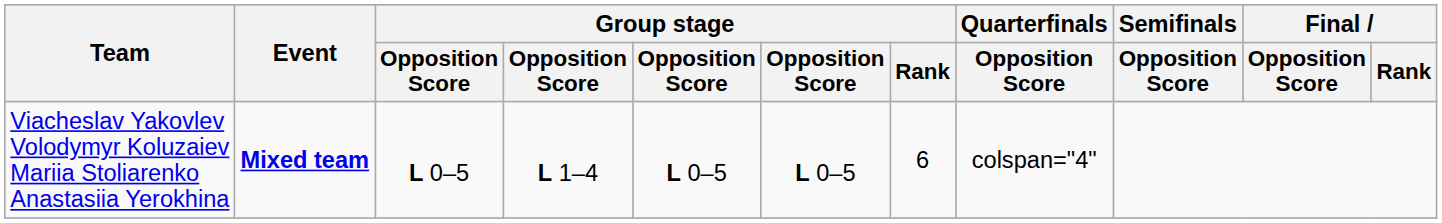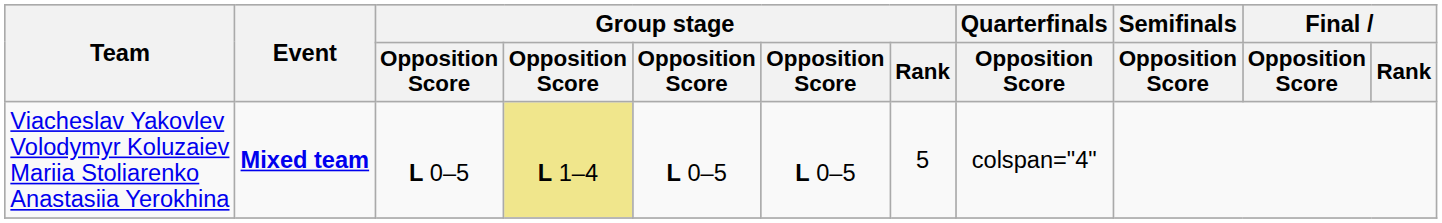 <table class="wikitable" style="text-align:center; font-size:90%">
 <tr>
 <th rowspan=2>Team</th>
 <th rowspan=2>Event</th>
 <th colspan=5>Group stage</th>
 <th>Quarterfinals</th>
 <th>Semifinals</th>
 <th colspan=2>Final / </th>
 </tr>
 <tr style="font-size:95%">
 <th>Opposition<br>Score</th>
 <th>Opposition<br>Score</th>
 <th>Opposition<br>Score</th>
 <th>Opposition<br>Score</th>
 <th>Rank</th>
 <th>Opposition<br>Score</th>
 <th>Opposition<br>Score</th>
 <th>Opposition<br>Score</th>
 <th>Rank</th>
 </tr>
 <tr>
 <td align=left><a href='#'>Viacheslav Yakovlev</a><br><a href='#'>Volodymyr Koluzaiev</a><br><a href='#'>Mariia Stoliarenko</a><br><a href='#'>Anastasiia Yerokhina</a></td>
 <td align=left><strong><a href='#'>Mixed team</a></strong></td>
 <td><br><strong>L</strong> 0–5</td>
-<td><br><strong>L</strong> 1–4</td>
+<td style="background: khaki;"><br><strong>L</strong> 1–4</td>
 <td><br><strong>L</strong> 0–5</td>
 <td><br><strong>L</strong> 0–5</td>
-<td>6</td>
+<td>5</td>
 <td>colspan="4" </td>
 </tr>
 </table>
